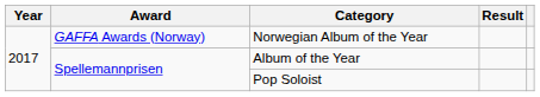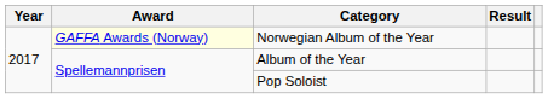 <table class="wikitable sortable plainrowheaders">
 <tr>
 <th scope="col">Year</th>
 <th scope="col">Award</th>
 <th scope="col">Category</th>
 <th scope="col" width=9%>Result</th>
 <th scope="col" class="unsortable"></th>
 </tr>
 <tr>
 <td rowspan="3">2017</td>
-<td><a href='#'><em>GAFFA</em> Awards (Norway)</a></td>
+<td style="background: lightyellow;"><a href='#'><em>GAFFA</em> Awards (Norway)</a></td>
 <td>Norwegian Album of the Year</td>
 <td></td>
 <td style="text-align:center;"></td>
 </tr>
 <tr>
 <td rowspan="2"><a href='#'>Spellemannprisen</a></td>
 <td>Album of the Year</td>
 <td></td>
 <td style="text-align:center;"></td>
 </tr>
 <tr>
 <td>Pop Soloist</td>
 <td></td>
 <td style="text-align:center;"></td>
 </tr>
 </table>
